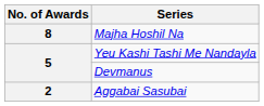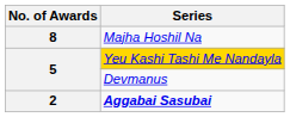 <table class="wikitable" style="display:inline-table;">
 <tr>
 <th>No. of Awards</th>
 <th>Series</th>
 </tr>
 <tr>
 <th>8</th>
 <td><em><a href='#'>Majha Hoshil Na</a></em></td>
 </tr>
 <tr>
 <th rowspan="2">5</th>
-<td><em><a href='#'>Yeu Kashi Tashi Me Nandayla</a></em></td>
+<td style="background: gold;"><em><a href='#'>Yeu Kashi Tashi Me Nandayla</a></em></td>
 </tr>
 <tr>
 <td><em><a href='#'>Devmanus</a></em></td>
 </tr>
 <tr>
 <th>2</th>
-<td><em><a href='#'>Aggabai Sasubai</a></em></td>
+<td><strong><em><a href='#'>Aggabai Sasubai</a></em></strong></td>
 </tr>
 </table>
